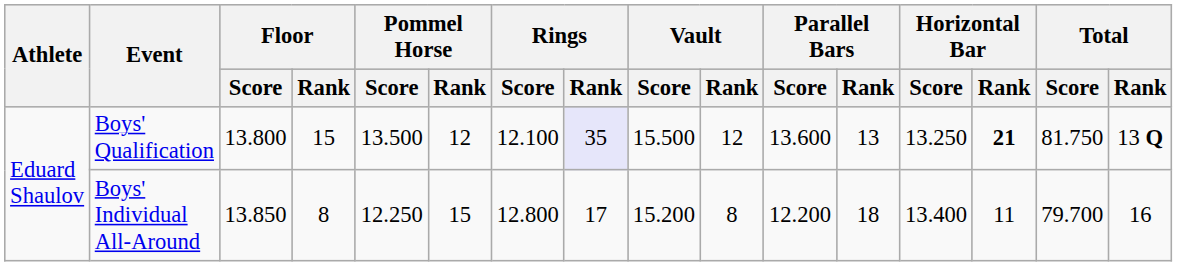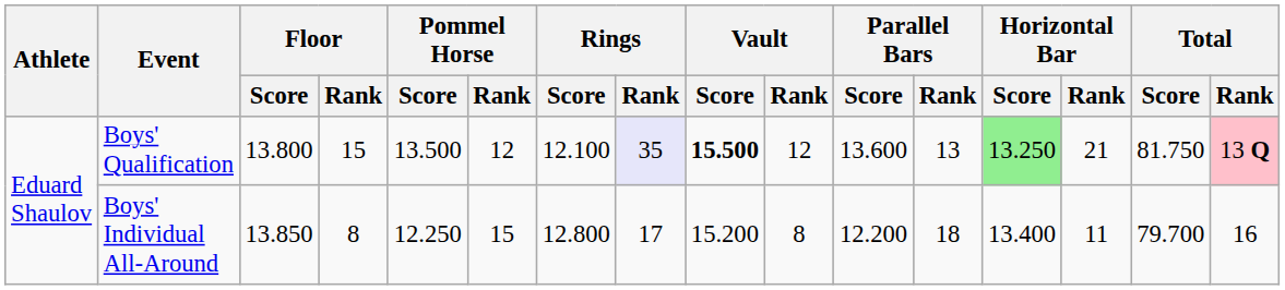 <table class="wikitable" border="1" style="font-size:90%">
 <tr>
 <th rowspan=2>Athlete</th>
 <th rowspan=2>Event</th>
 <th colspan=2>Floor</th>
 <th colspan=2>Pommel Horse</th>
 <th colspan=2>Rings</th>
 <th colspan=2>Vault</th>
 <th colspan=2>Parallel Bars</th>
 <th colspan=2>Horizontal Bar</th>
 <th colspan=2>Total</th>
 </tr>
 <tr>
 <th>Score</th>
 <th>Rank</th>
 <th>Score</th>
 <th>Rank</th>
 <th>Score</th>
 <th>Rank</th>
 <th>Score</th>
 <th>Rank</th>
 <th>Score</th>
 <th>Rank</th>
 <th>Score</th>
 <th>Rank</th>
 <th>Score</th>
 <th>Rank</th>
 </tr>
 <tr>
 <td rowspan=2><a href='#'>Eduard Shaulov</a></td>
 <td><a href='#'>Boys' Qualification</a></td>
 <td align=center>13.800</td>
 <td align=center>15</td>
 <td align=center>13.500</td>
 <td align=center>12</td>
 <td align=center>12.100</td>
 <td align=center style="background: lavender;">35</td>
-<td align=center>15.500</td>
+<td align=center><strong>15.500</strong></td>
 <td align=center>12</td>
 <td align=center>13.600</td>
 <td align=center>13</td>
-<td align=center>13.250</td>
-<td align=center><strong>21</strong></td>
+<td align=center style="background: lightgreen;">13.250</td>
+<td align=center>21</td>
 <td align=center>81.750</td>
-<td align=center>13 <strong>Q</strong></td>
+<td align=center style="background: pink;">13 <strong>Q</strong></td>
 </tr>
 <tr>
 <td><a href='#'>Boys' Individual All-Around</a></td>
 <td align=center>13.850</td>
 <td align=center>8</td>
 <td align=center>12.250</td>
 <td align=center>15</td>
 <td align=center>12.800</td>
 <td align=center>17</td>
 <td align=center>15.200</td>
 <td align=center>8</td>
 <td align=center>12.200</td>
 <td align=center>18</td>
 <td align=center>13.400</td>
 <td align=center>11</td>
 <td align=center>79.700</td>
 <td align=center>16</td>
 </tr>
 </table>
